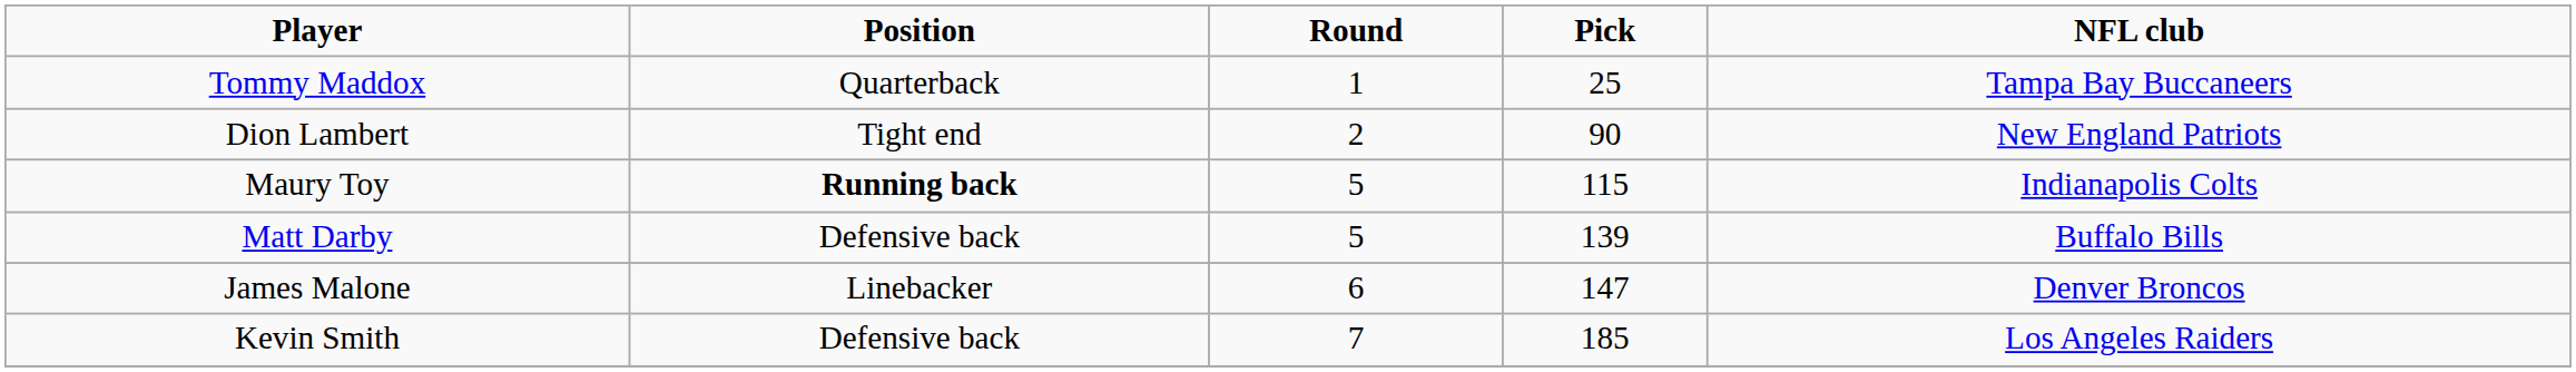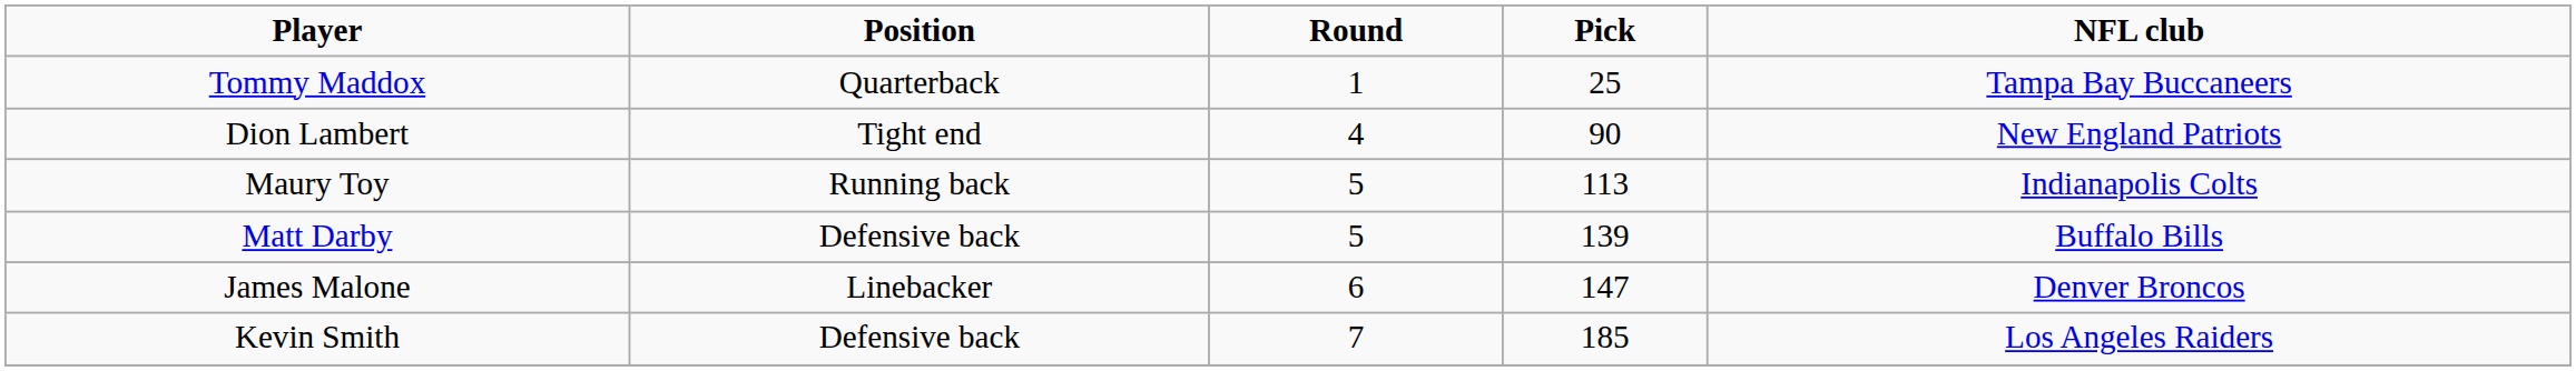 <table class="wikitable" width="80%">
 <tr align="center">
 <td><strong>Player</strong></td>
 <td><strong>Position</strong></td>
 <td><strong>Round</strong></td>
 <td><strong>Pick</strong></td>
 <td><strong>NFL club</strong></td>
 </tr>
 <tr align="center">
 <td><a href='#'>Tommy Maddox</a></td>
 <td>Quarterback</td>
 <td>1</td>
 <td>25</td>
 <td><a href='#'>Tampa Bay Buccaneers</a></td>
 </tr>
 <tr align="center">
 <td>Dion Lambert</td>
 <td>Tight end</td>
-<td>2</td>
+<td>4</td>
 <td>90</td>
 <td><a href='#'>New England Patriots</a></td>
 </tr>
 <tr align="center">
 <td>Maury Toy</td>
-<td><strong>Running back</strong></td>
+<td>Running back</td>
 <td>5</td>
-<td>115</td>
+<td>113</td>
 <td><a href='#'>Indianapolis Colts</a></td>
 </tr>
 <tr align="center">
 <td><a href='#'>Matt Darby</a></td>
 <td>Defensive back</td>
 <td>5</td>
 <td>139</td>
 <td><a href='#'>Buffalo Bills</a></td>
 </tr>
 <tr align="center">
 <td>James Malone</td>
 <td>Linebacker</td>
 <td>6</td>
 <td>147</td>
 <td><a href='#'>Denver Broncos</a></td>
 </tr>
 <tr align="center">
 <td>Kevin Smith</td>
 <td>Defensive back</td>
 <td>7</td>
 <td>185</td>
 <td><a href='#'>Los Angeles Raiders</a></td>
 </tr>
 <tr align="center">
 </tr>
 </table>
